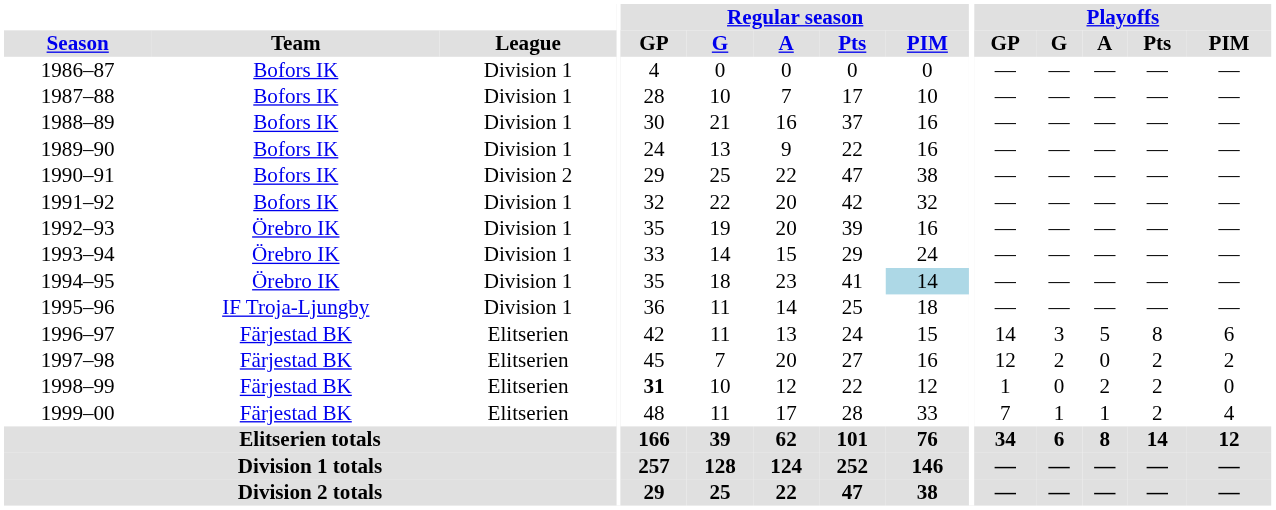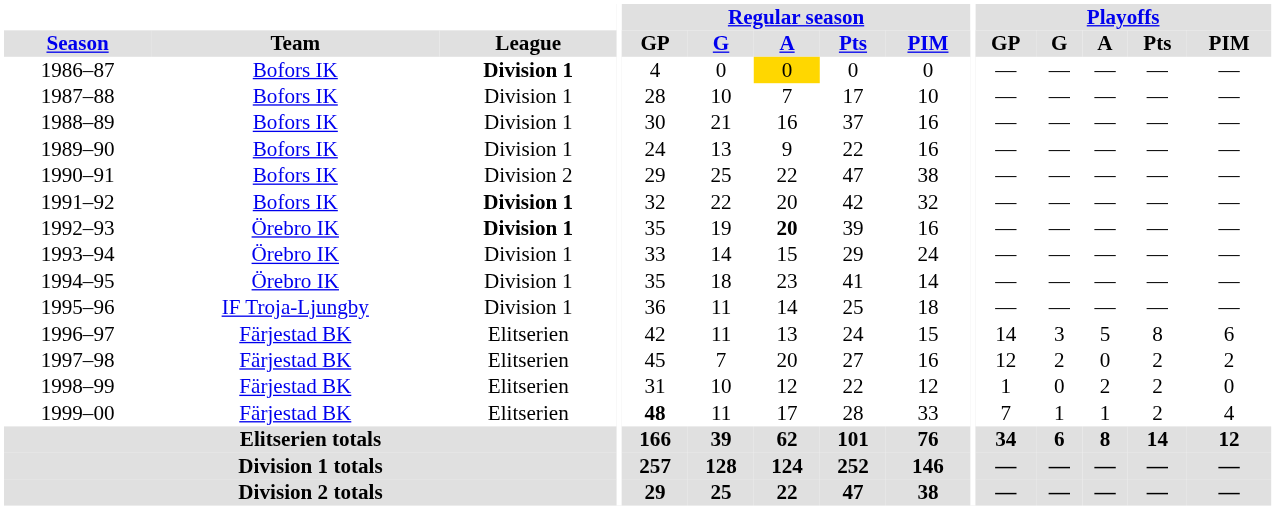 <table border="0" cellpadding="1" cellspacing="0" style="text-align:center; width:60em">
 <tr bgcolor="#e0e0e0">
 <th colspan="3" bgcolor="#ffffff"></th>
 <th rowspan="99" bgcolor="#ffffff"></th>
 <th colspan="5"><a href='#'>Regular season</a></th>
 <th rowspan="99" bgcolor="#ffffff"></th>
 <th colspan="5"><a href='#'>Playoffs</a></th>
 </tr>
 <tr bgcolor="#e0e0e0">
 <th><a href='#'>Season</a></th>
 <th>Team</th>
 <th>League</th>
 <th>GP</th>
 <th><a href='#'>G</a></th>
 <th><a href='#'>A</a></th>
 <th><a href='#'>Pts</a></th>
 <th><a href='#'>PIM</a></th>
 <th>GP</th>
 <th>G</th>
 <th>A</th>
 <th>Pts</th>
 <th>PIM</th>
 </tr>
 <tr>
 <td>1986–87</td>
 <td><a href='#'>Bofors IK</a></td>
-<td>Division 1</td>
+<td><strong>Division 1</strong></td>
 <td>4</td>
 <td>0</td>
-<td>0</td>
+<td style="background: gold;">0</td>
 <td>0</td>
 <td>0</td>
 <td>—</td>
 <td>—</td>
 <td>—</td>
 <td>—</td>
 <td>—</td>
 </tr>
 <tr>
 <td>1987–88</td>
 <td><a href='#'>Bofors IK</a></td>
 <td>Division 1</td>
 <td>28</td>
 <td>10</td>
 <td>7</td>
 <td>17</td>
 <td>10</td>
 <td>—</td>
 <td>—</td>
 <td>—</td>
 <td>—</td>
 <td>—</td>
 </tr>
 <tr>
 <td>1988–89</td>
 <td><a href='#'>Bofors IK</a></td>
 <td>Division 1</td>
 <td>30</td>
 <td>21</td>
 <td>16</td>
 <td>37</td>
 <td>16</td>
 <td>—</td>
 <td>—</td>
 <td>—</td>
 <td>—</td>
 <td>—</td>
 </tr>
 <tr>
 <td>1989–90</td>
 <td><a href='#'>Bofors IK</a></td>
 <td>Division 1</td>
 <td>24</td>
 <td>13</td>
 <td>9</td>
 <td>22</td>
 <td>16</td>
 <td>—</td>
 <td>—</td>
 <td>—</td>
 <td>—</td>
 <td>—</td>
 </tr>
 <tr>
 <td>1990–91</td>
 <td><a href='#'>Bofors IK</a></td>
 <td>Division 2</td>
 <td>29</td>
 <td>25</td>
 <td>22</td>
 <td>47</td>
 <td>38</td>
 <td>—</td>
 <td>—</td>
 <td>—</td>
 <td>—</td>
 <td>—</td>
 </tr>
 <tr>
 <td>1991–92</td>
 <td><a href='#'>Bofors IK</a></td>
-<td>Division 1</td>
+<td><strong>Division 1</strong></td>
 <td>32</td>
 <td>22</td>
 <td>20</td>
 <td>42</td>
 <td>32</td>
 <td>—</td>
 <td>—</td>
 <td>—</td>
 <td>—</td>
 <td>—</td>
 </tr>
 <tr>
 <td>1992–93</td>
 <td><a href='#'>Örebro IK</a></td>
-<td>Division 1</td>
+<td><strong>Division 1</strong></td>
 <td>35</td>
 <td>19</td>
-<td>20</td>
+<td><strong>20</strong></td>
 <td>39</td>
 <td>16</td>
 <td>—</td>
 <td>—</td>
 <td>—</td>
 <td>—</td>
 <td>—</td>
 </tr>
 <tr>
 <td>1993–94</td>
 <td><a href='#'>Örebro IK</a></td>
 <td>Division 1</td>
 <td>33</td>
 <td>14</td>
 <td>15</td>
 <td>29</td>
 <td>24</td>
 <td>—</td>
 <td>—</td>
 <td>—</td>
 <td>—</td>
 <td>—</td>
 </tr>
 <tr>
 <td>1994–95</td>
 <td><a href='#'>Örebro IK</a></td>
 <td>Division 1</td>
 <td>35</td>
 <td>18</td>
 <td>23</td>
 <td>41</td>
-<td style="background: lightblue;">14</td>
+<td>14</td>
 <td>—</td>
 <td>—</td>
 <td>—</td>
 <td>—</td>
 <td>—</td>
 </tr>
 <tr>
 <td>1995–96</td>
 <td><a href='#'>IF Troja-Ljungby</a></td>
 <td>Division 1</td>
 <td>36</td>
 <td>11</td>
 <td>14</td>
 <td>25</td>
 <td>18</td>
 <td>—</td>
 <td>—</td>
 <td>—</td>
 <td>—</td>
 <td>—</td>
 </tr>
 <tr>
 <td>1996–97</td>
 <td><a href='#'>Färjestad BK</a></td>
 <td>Elitserien</td>
 <td>42</td>
 <td>11</td>
 <td>13</td>
 <td>24</td>
 <td>15</td>
 <td>14</td>
 <td>3</td>
 <td>5</td>
 <td>8</td>
 <td>6</td>
 </tr>
 <tr>
 <td>1997–98</td>
 <td><a href='#'>Färjestad BK</a></td>
 <td>Elitserien</td>
 <td>45</td>
 <td>7</td>
 <td>20</td>
 <td>27</td>
 <td>16</td>
 <td>12</td>
 <td>2</td>
 <td>0</td>
 <td>2</td>
 <td>2</td>
 </tr>
 <tr>
 <td>1998–99</td>
 <td><a href='#'>Färjestad BK</a></td>
 <td>Elitserien</td>
-<td><strong>31</strong></td>
+<td>31</td>
 <td>10</td>
 <td>12</td>
 <td>22</td>
 <td>12</td>
 <td>1</td>
 <td>0</td>
 <td>2</td>
 <td>2</td>
 <td>0</td>
 </tr>
 <tr>
 <td>1999–00</td>
 <td><a href='#'>Färjestad BK</a></td>
 <td>Elitserien</td>
-<td>48</td>
+<td><strong>48</strong></td>
 <td>11</td>
 <td>17</td>
 <td>28</td>
 <td>33</td>
 <td>7</td>
 <td>1</td>
 <td>1</td>
 <td>2</td>
 <td>4</td>
 </tr>
 <tr bgcolor="#e0e0e0">
 <th colspan="3">Elitserien totals</th>
 <th>166</th>
 <th>39</th>
 <th>62</th>
 <th>101</th>
 <th>76</th>
 <th>34</th>
 <th>6</th>
 <th>8</th>
 <th>14</th>
 <th>12</th>
 </tr>
 <tr bgcolor="#e0e0e0">
 <th colspan="3">Division 1 totals</th>
 <th>257</th>
 <th>128</th>
 <th>124</th>
 <th>252</th>
 <th>146</th>
 <th>—</th>
 <th>—</th>
 <th>—</th>
 <th>—</th>
 <th>—</th>
 </tr>
 <tr bgcolor="#e0e0e0">
 <th colspan="3">Division 2 totals</th>
 <th>29</th>
 <th>25</th>
 <th>22</th>
 <th>47</th>
 <th>38</th>
 <th>—</th>
 <th>—</th>
 <th>—</th>
 <th>—</th>
 <th>—</th>
 </tr>
 </table>
